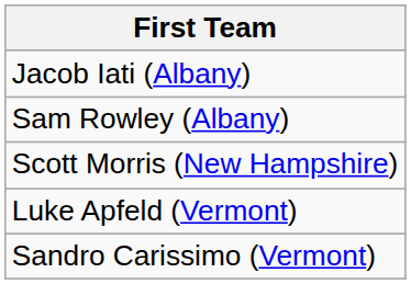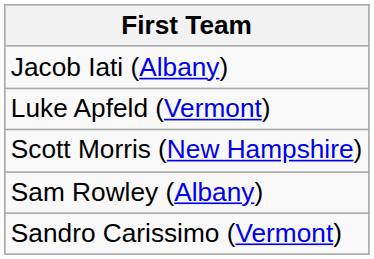 <table class="wikitable">
 <tr>
 <th>First Team</th>
 </tr>
 <tr>
 <td>Jacob Iati (<a href='#'>Albany</a>)</td>
 </tr>
 <tr>
-<td>Sam Rowley (<a href='#'>Albany</a>)</td>
+<td>Luke Apfeld (<a href='#'>Vermont</a>)</td>
 </tr>
 <tr>
 <td>Scott Morris (<a href='#'>New Hampshire</a>)</td>
 </tr>
 <tr>
-<td>Luke Apfeld (<a href='#'>Vermont</a>)</td>
+<td>Sam Rowley (<a href='#'>Albany</a>)</td>
 </tr>
 <tr>
 <td>Sandro Carissimo (<a href='#'>Vermont</a>)</td>
 </tr>
 </table>
